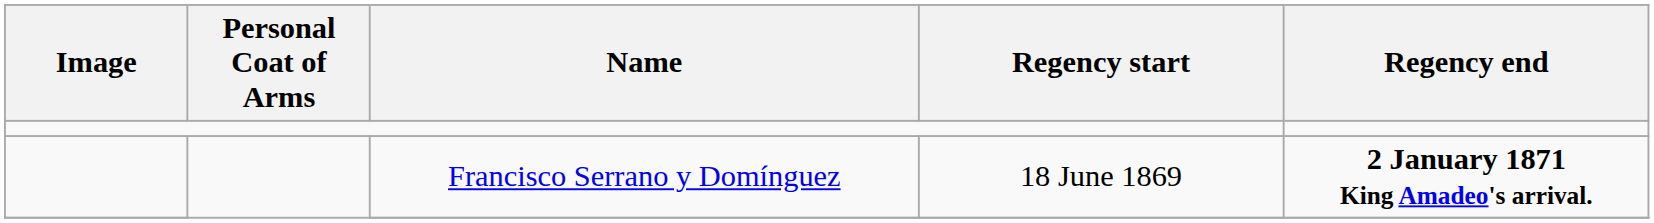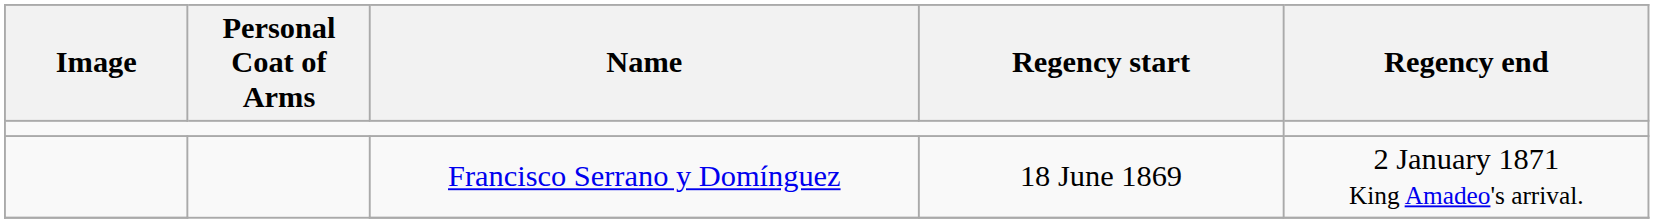 <table width=98% class="wikitable">
 <tr>
 <th width=10%>Image</th>
 <th width=10%>Personal<br>Coat of Arms</th>
 <th width=30%>Name</th>
 <th width=20%>Regency start</th>
 <th width=20%>Regency end</th>
 </tr>
 <tr>
 <td colspan=4></td>
 <td></td>
 </tr>
 <tr>
 <td align="center"></td>
 <td align="center" rowspan="2"></td>
 <td align="center"><a href='#'>Francisco Serrano y Domínguez</a></td>
 <td align="center">18 June 1869</td>
-<td align="center"><strong>2 January 1871<br><small>King <a href='#'>Amadeo</a>'s arrival.</small></strong></td>
+<td align="center">2 January 1871<br><small>King <a href='#'>Amadeo</a>'s arrival.</small></td>
 </tr>
 <tr>
 </tr>
 </table>
